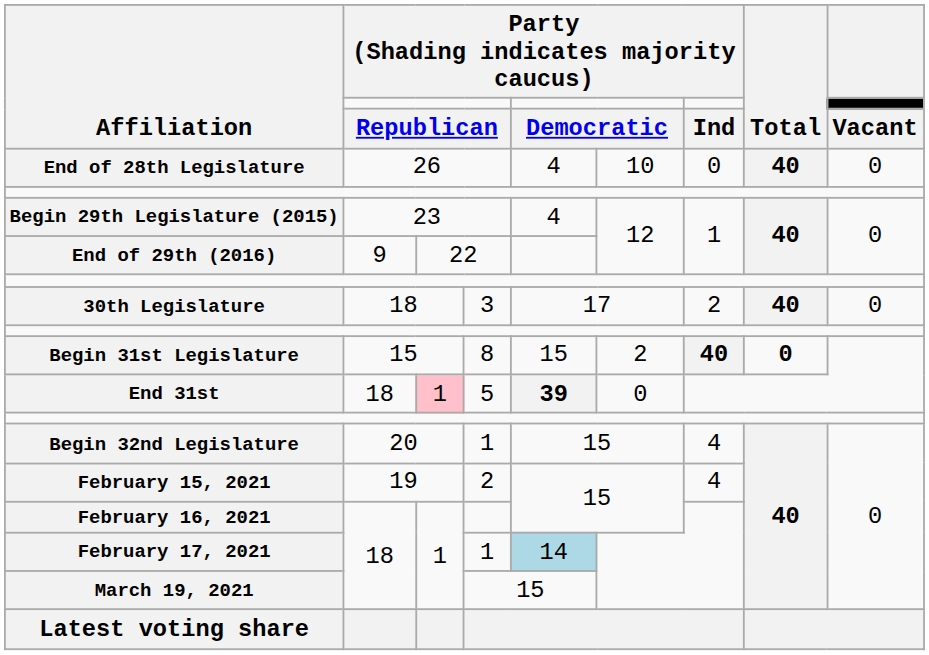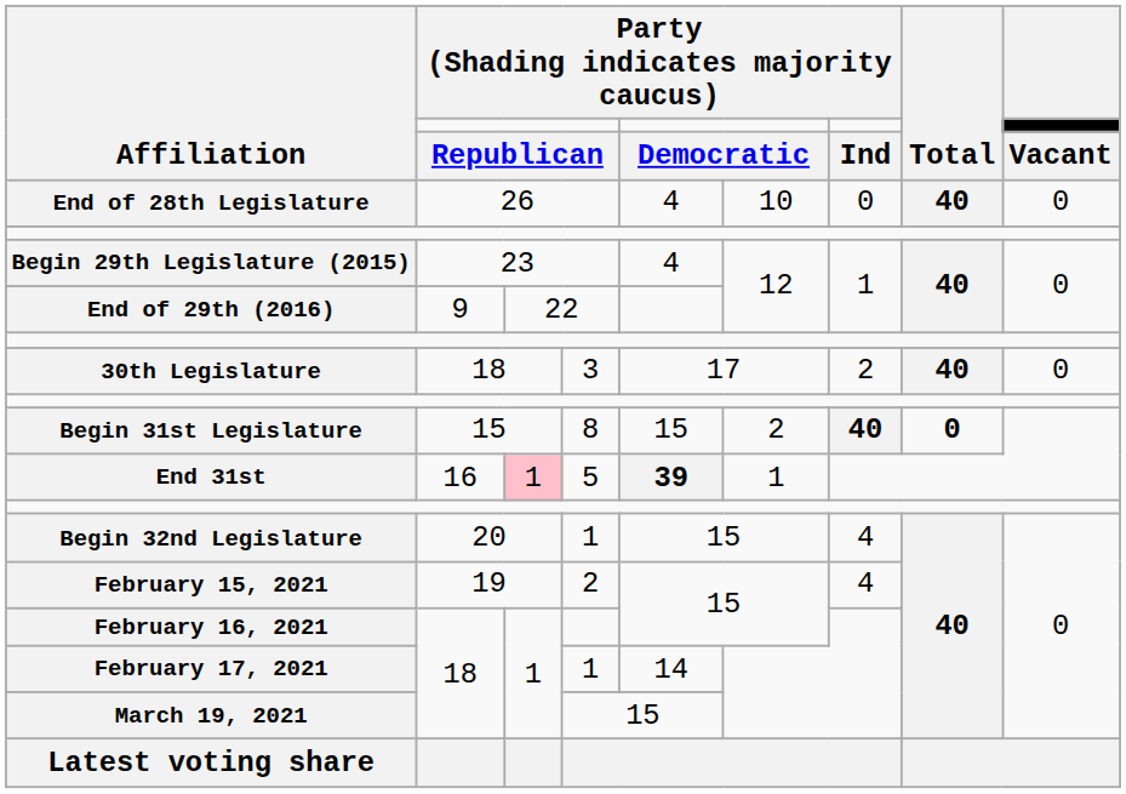 <table class=wikitable style="text-align:center;" width=40%>
 <tr style="vertical-align:bottom;">
 <th rowspan=3>Affiliation</th>
 <th colspan=6>Party <div>(Shading indicates majority caucus)</div></th>
 <th rowspan=3>Total</th>
 <th></th>
 </tr>
 <tr style="height:5px">
 <td colspan=3 style="background-color:"></td>
 <td colspan=2 style="background-color:"></td>
 <td style="background-color:"></td>
 <td style="background-color:black"></td>
 </tr>
 <tr>
 <th colspan=3><a href='#'>Republican</a></th>
 <th colspan=2><a href='#'>Democratic</a></th>
 <th>Ind</th>
 <th>Vacant</th>
 </tr>
 <tr>
 <th nowrap style="font-size:80%">End of 28th Legislature</th>
 <td colspan=3 >26</td>
 <td>4</td>
 <td>10</td>
 <td>0</td>
 <th>40</th>
 <td>0</td>
 </tr>
 <tr>
 <td colspan=9></td>
 </tr>
 <tr>
 <th nowrap style="font-size:80%">Begin 29th Legislature (2015)</th>
 <td colspan=3 >23</td>
 <td>4</td>
 <td rowspan=2>12</td>
 <td rowspan=2>1</td>
 <th rowspan=2>40</th>
 <td rowspan=2>0</td>
 </tr>
 <tr>
 <th nowrap style="font-size:80%">End of 29th (2016)</th>
 <td>9</td>
 <td colspan=2 >22</td>
 </tr>
 <tr>
 <td colspan=9></td>
 </tr>
 <tr>
 <th nowrap style="font-size:80%">30th Legislature</th>
 <td colspan=2>18</td>
 <td>3</td>
 <td colspan=2 >17</td>
 <td>2</td>
 <th>40</th>
 <td>0</td>
 </tr>
 <tr>
 <td colspan=9></td>
 </tr>
 <tr>
 <th nowrap style="font-size:80%">Begin 31st Legislature</th>
 <td colspan=2>15</td>
 <td>8</td>
 <td>15</td>
 <td>2</td>
 <th>40</th>
 <td><strong>0</strong></td>
 </tr>
 <tr>
 <th nowrap style="font-size:80%">End 31st</th>
-<td>18</td>
+<td>16</td>
 <td width=20 style="background: pink;">1</td>
 <td>5</td>
 <th>39</th>
-<td>0</td>
+<td>1</td>
 </tr>
 <tr>
 <td colspan=9></td>
 </tr>
 <tr>
 <th nowrap style="font-size:80%">Begin 32nd Legislature</th>
 <td colspan=2>20</td>
 <td>1</td>
 <td colspan=2>15</td>
 <td>4</td>
 <th rowspan=5>40</th>
 <td rowspan=5>0</td>
 </tr>
 <tr>
 <th nowrap style="font-size:80%">February 15, 2021</th>
 <td colspan=2>19</td>
 <td>2</td>
 <td colspan=2 rowspan=2 >15</td>
 <td>4</td>
 </tr>
 <tr>
 <th nowrap style="font-size:80%">February 16, 2021</th>
 <td rowspan=3>18</td>
 <td rowspan=3>1</td>
 </tr>
 <tr>
 <th nowrap style="font-size:80%">February 17, 2021</th>
 <td>1</td>
-<td style="background: lightblue;">14</td>
+<td>14</td>
 </tr>
 <tr>
 <th nowrap style="font-size:80%">March 19, 2021</th>
 <td colspan=2 >15</td>
 </tr>
 <tr>
 <th>Latest voting share</th>
 <th></th>
 <th></th>
 <th colspan=4 ></th>
 <th colspan=2></th>
 </tr>
 </table>
